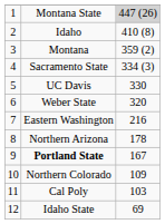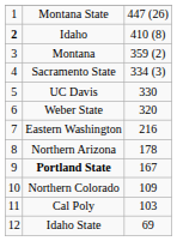 <table class="wikitable" style="display: inline-table;">
 <tr align="center">
 </tr>
 <tr align="center">
 <td>1</td>
 <td>Montana State</td>
-<td style="background: lightgrey;">447 (26)</td>
+<td>447 (26)</td>
 </tr>
 <tr align="center">
-<td>2</td>
+<td><strong>2</strong></td>
 <td>Idaho</td>
 <td>410 (8)</td>
 </tr>
 <tr align="center">
 <td>3</td>
 <td>Montana</td>
 <td>359 (2)</td>
 </tr>
 <tr align="center">
 <td>4</td>
 <td>Sacramento State</td>
 <td>334 (3)</td>
 </tr>
 <tr align="center">
 <td>5</td>
 <td>UC Davis</td>
 <td>330</td>
 </tr>
 <tr align="center">
 <td>6</td>
 <td>Weber State</td>
 <td>320</td>
 </tr>
 <tr align="center">
 <td>7</td>
 <td>Eastern Washington</td>
 <td>216</td>
 </tr>
 <tr align="center">
 <td>8</td>
 <td>Northern Arizona</td>
 <td>178</td>
 </tr>
 <tr align="center">
 <td>9</td>
 <td><strong>Portland State</strong></td>
 <td>167</td>
 </tr>
 <tr align="center">
 <td>10</td>
 <td>Northern Colorado</td>
 <td>109</td>
 </tr>
 <tr align="center">
 <td>11</td>
 <td>Cal Poly</td>
 <td>103</td>
 </tr>
 <tr align="center">
 <td>12</td>
 <td>Idaho State</td>
 <td>69</td>
 </tr>
 </table>
